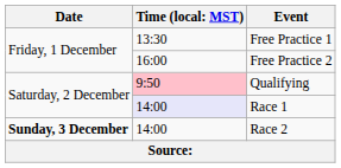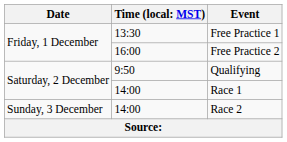 <table class="wikitable" style="font-size: 90%;">
 <tr>
 <th>Date</th>
 <th>Time (local: <a href='#'>MST</a>)</th>
 <th>Event</th>
 </tr>
 <tr>
 <td rowspan="2">Friday, 1 December</td>
 <td>13:30</td>
 <td>Free Practice 1</td>
 </tr>
 <tr>
 <td>16:00</td>
 <td>Free Practice 2</td>
 </tr>
 <tr>
 <td rowspan="2">Saturday, 2 December</td>
-<td style="background: pink;">9:50</td>
+<td>9:50</td>
 <td>Qualifying</td>
 </tr>
 <tr>
-<td style="background: lavender;">14:00</td>
+<td>14:00</td>
 <td>Race 1</td>
 </tr>
 <tr>
-<td><strong>Sunday, 3 December</strong></td>
+<td>Sunday, 3 December</td>
 <td>14:00</td>
 <td>Race 2</td>
 </tr>
 <tr>
 <th colspan="3">Source:</th>
 </tr>
 </table>
